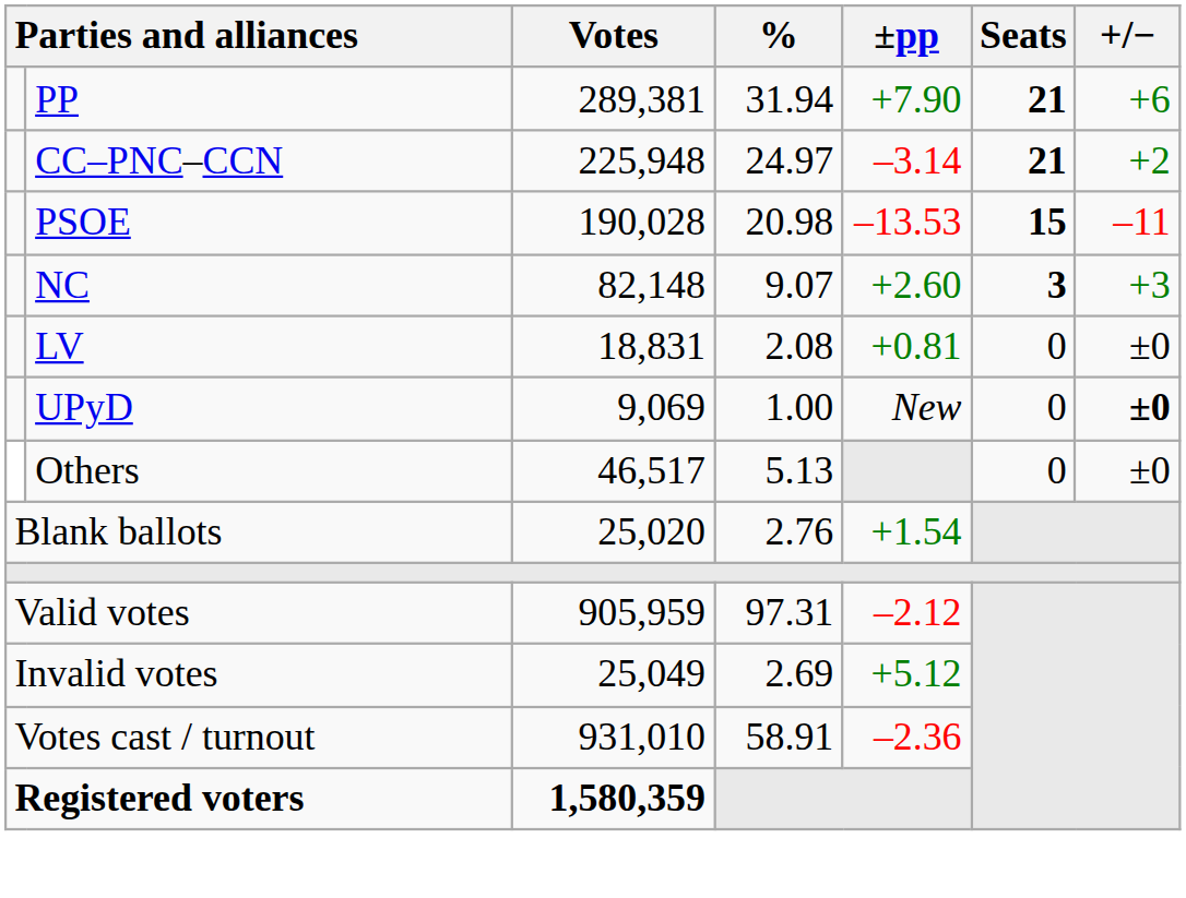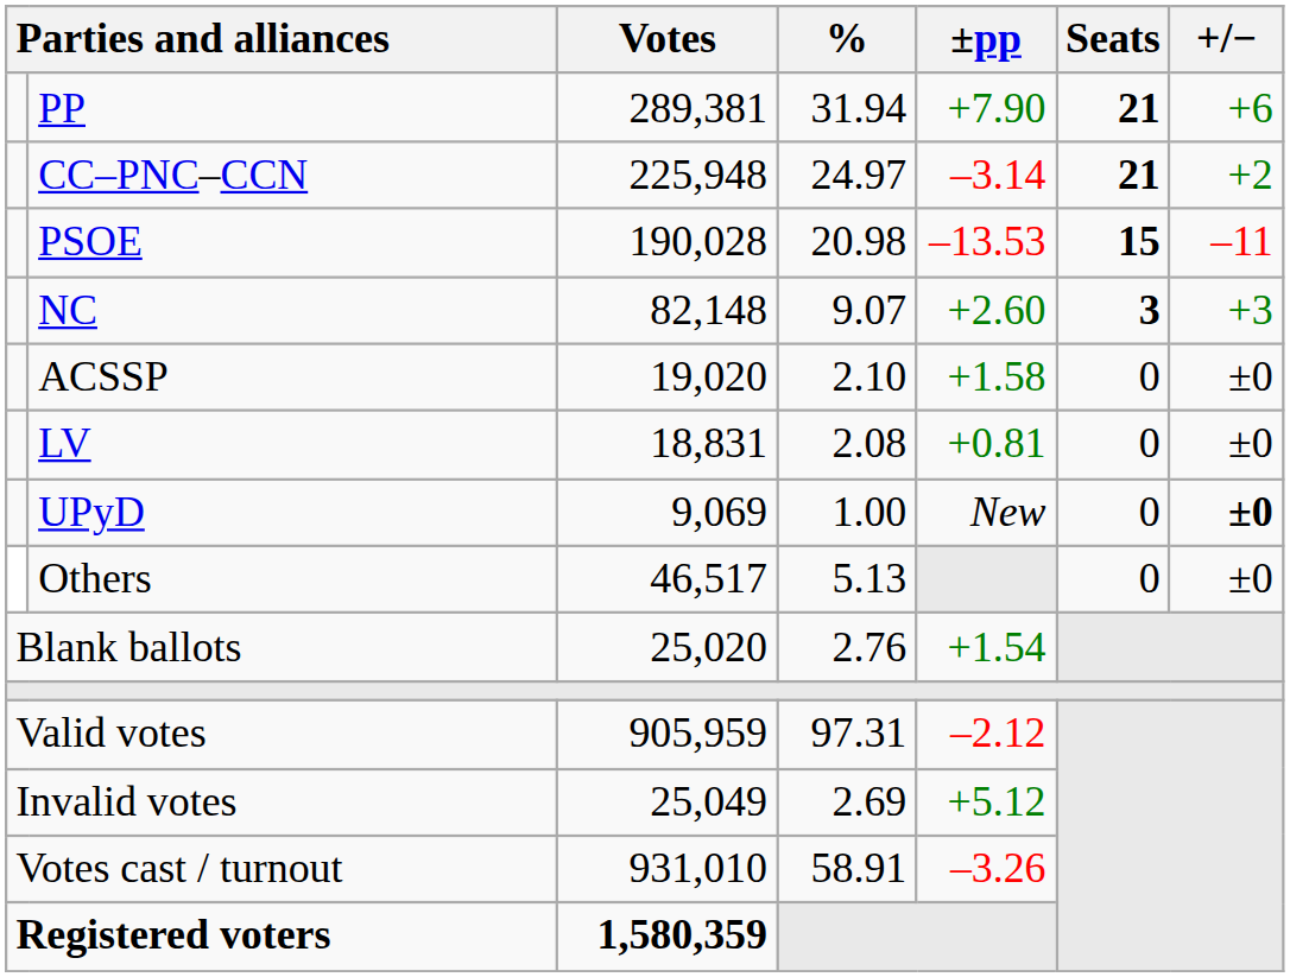 <table class="wikitable" style="text-align:right;">
 <tr>
 <th style="text-align:left;" colspan="2" width="200">Parties and alliances</th>
 <th width="75">Votes</th>
 <th width="45">%</th>
 <th width="45">±<a href='#'>pp</a></th>
 <th width="35">Seats</th>
 <th width="35">+/−</th>
 </tr>
 <tr>
 <td width="1" style="color:inherit;background:"></td>
 <td align="left"><a href='#'>PP</a></td>
 <td>289,381</td>
 <td>31.94</td>
 <td style="color:green;">+7.90</td>
 <td><strong>21</strong></td>
 <td style="color:green;">+6</td>
 </tr>
 <tr>
 <td style="color:inherit;background:"></td>
 <td align="left"><a href='#'>CC–PNC</a>–<a href='#'>CCN</a></td>
 <td>225,948</td>
 <td>24.97</td>
 <td style="color:red;">–3.14</td>
 <td><strong>21</strong></td>
 <td style="color:green;">+2</td>
 </tr>
 <tr>
 <td style="color:inherit;background:"></td>
 <td align="left"><a href='#'>PSOE</a></td>
 <td>190,028</td>
 <td>20.98</td>
 <td style="color:red;">–13.53</td>
 <td><strong>15</strong></td>
 <td style="color:red;">–11</td>
 </tr>
 <tr>
 <td style="color:inherit;background:"></td>
 <td align="left"><a href='#'>NC</a></td>
 <td>82,148</td>
 <td>9.07</td>
 <td style="color:green;">+2.60</td>
 <td><strong>3</strong></td>
 <td style="color:green;">+3</td>
+</tr>
+<tr>
+<td style="color:inherit;background:"></td>
+<td align="left">ACSSP</td>
+<td>19,020</td>
+<td>2.10</td>
+<td style="color:green;">+1.58</td>
+<td>0</td>
+<td>±0</td>
 </tr>
 <tr>
 <td style="color:inherit;background:"></td>
 <td align="left"><a href='#'>LV</a></td>
 <td>18,831</td>
 <td>2.08</td>
 <td style="color:green;">+0.81</td>
 <td>0</td>
 <td>±0</td>
 </tr>
 <tr>
 <td style="color:inherit;background:"></td>
 <td align="left"><a href='#'>UPyD</a></td>
 <td>9,069</td>
 <td>1.00</td>
 <td><em>New</em></td>
 <td>0</td>
 <td><strong>±0</strong></td>
 </tr>
 <tr>
 <td bgcolor="white"></td>
 <td align="left">Others</td>
 <td>46,517</td>
 <td>5.13</td>
 <td bgcolor="#E9E9E9"></td>
 <td>0</td>
 <td>±0</td>
 </tr>
 <tr>
 <td align="left" colspan="2">Blank ballots</td>
 <td>25,020</td>
 <td>2.76</td>
 <td style="color:green;">+1.54</td>
 <td bgcolor="#E9E9E9" colspan="2"></td>
 </tr>
 <tr>
 <td colspan="7" bgcolor="#E9E9E9"></td>
 </tr>
 <tr>
 <td align="left" colspan="2">Valid votes</td>
 <td>905,959</td>
 <td>97.31</td>
 <td style="color:red;">–2.12</td>
 <td bgcolor="#E9E9E9" colspan="2" rowspan="4"></td>
 </tr>
 <tr>
 <td align="left" colspan="2">Invalid votes</td>
 <td>25,049</td>
 <td>2.69</td>
 <td style="color:green;">+5.12</td>
 </tr>
 <tr>
 <td align="left" colspan="2">Votes cast / turnout</td>
 <td>931,010</td>
 <td>58.91</td>
-<td style="color:red;">–2.36</td>
+<td style="color:red;">–3.26</td>
 </tr>
 <tr style="font-weight:bold;">
 <td align="left" colspan="2">Registered voters</td>
 <td>1,580,359</td>
 <td bgcolor="#E9E9E9" colspan="2"></td>
 </tr>
 </table>
